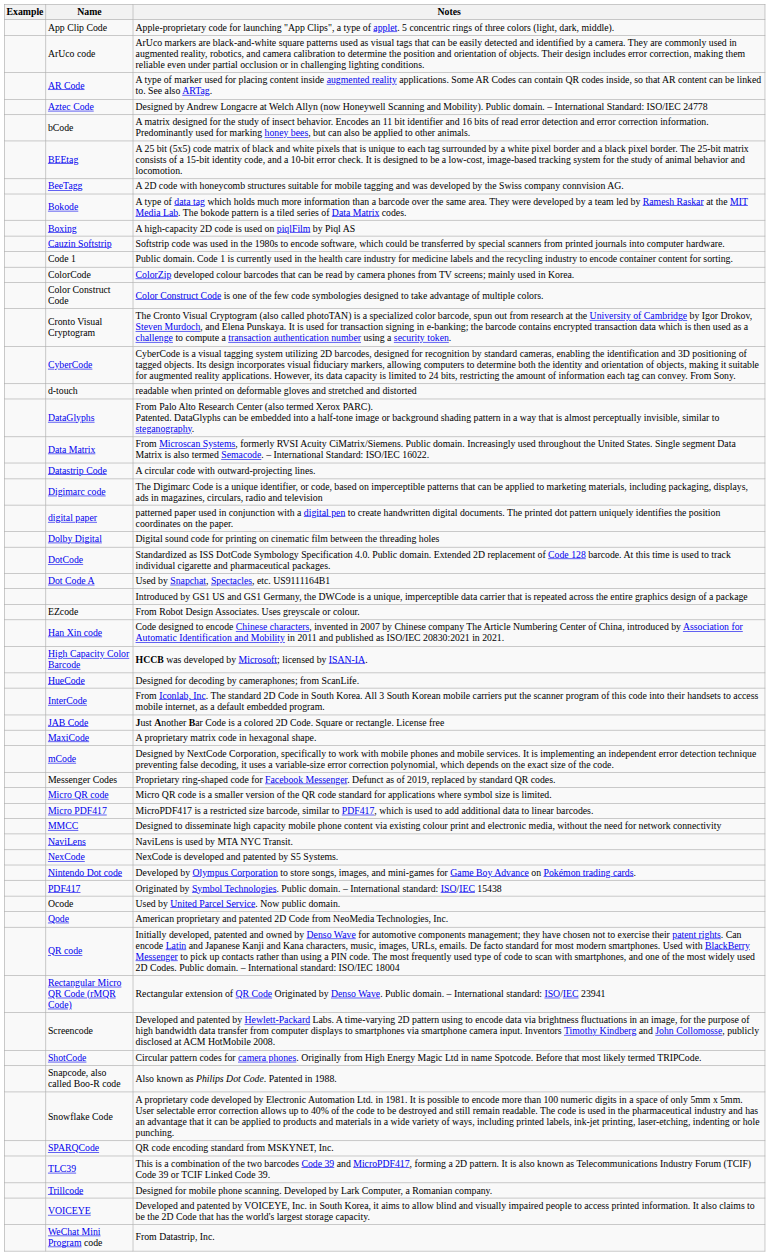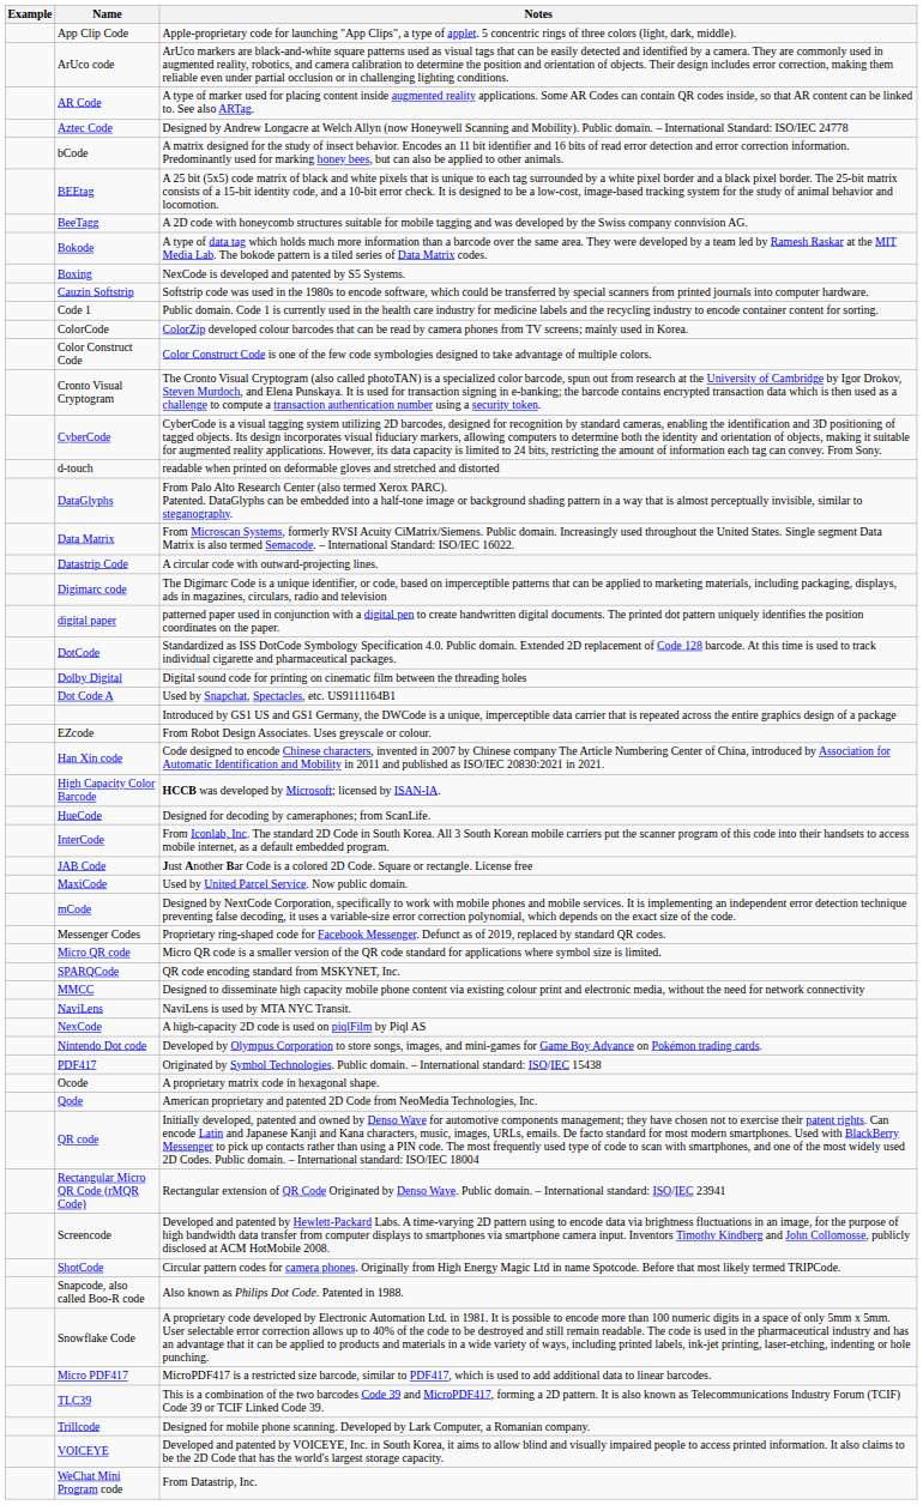 <table class="wikitable">
 <tr>
 <th>Example</th>
 <th>Name</th>
 <th>Notes</th>
 </tr>
 <tr>
 <td></td>
 <td>App Clip Code</td>
 <td>Apple-proprietary code for launching "App Clips", a type of <a href='#'>applet</a>. 5 concentric rings of three colors (light, dark, middle).</td>
 </tr>
 <tr>
 <td></td>
 <td>ArUco code</td>
 <td>ArUco markers are black-and-white square patterns used as visual tags that can be easily detected and identified by a camera. They are commonly used in augmented reality, robotics, and camera calibration to determine the position and orientation of objects. Their design includes error correction, making them reliable even under partial occlusion or in challenging lighting conditions.</td>
 </tr>
 <tr>
 <td></td>
 <td><a href='#'>AR Code</a></td>
 <td>A type of marker used for placing content inside <a href='#'>augmented reality</a> applications. Some AR Codes can contain QR codes inside, so that AR content can be linked to. See also <a href='#'>ARTag</a>.</td>
 </tr>
 <tr>
 <td></td>
 <td><a href='#'>Aztec Code</a></td>
 <td>Designed by Andrew Longacre at Welch Allyn (now Honeywell Scanning and Mobility). Public domain. – International Standard: ISO/IEC 24778</td>
 </tr>
 <tr>
 <td></td>
 <td>bCode</td>
 <td>A matrix designed for the study of insect behavior. Encodes an 11 bit identifier and 16 bits of read error detection and error correction information. Predominantly used for marking <a href='#'>honey bees</a>, but can also be applied to other animals.</td>
 </tr>
 <tr>
 <td></td>
 <td><a href='#'>BEEtag</a></td>
 <td>A 25 bit (5x5) code matrix of black and white pixels that is unique to each tag surrounded by a white pixel border and a black pixel border. The 25-bit matrix consists of a 15-bit identity code, and a 10-bit error check. It is designed to be a low-cost, image-based tracking system for the study of animal behavior and locomotion.</td>
 </tr>
 <tr>
 <td></td>
 <td><a href='#'>BeeTagg</a></td>
 <td>A 2D code with honeycomb structures suitable for mobile tagging and was developed by the Swiss company connvision AG.</td>
 </tr>
 <tr>
 <td></td>
 <td><a href='#'>Bokode</a></td>
 <td>A type of <a href='#'>data tag</a> which holds much more information than a barcode over the same area. They were developed by a team led by <a href='#'>Ramesh Raskar</a> at the <a href='#'>MIT Media Lab</a>. The bokode pattern is a tiled series of <a href='#'>Data Matrix</a> codes.</td>
 </tr>
 <tr>
 <td></td>
 <td><a href='#'>Boxing</a></td>
-<td>A high-capacity 2D code is used on <a href='#'>piqlFilm</a> by Piql AS</td>
+<td>NexCode is developed and patented by S5 Systems.</td>
 </tr>
 <tr>
 <td></td>
 <td><a href='#'>Cauzin Softstrip</a></td>
 <td>Softstrip code was used in the 1980s to encode software, which could be transferred by special scanners from printed journals into computer hardware.</td>
 </tr>
 <tr>
 <td></td>
 <td>Code 1</td>
 <td>Public domain. Code 1 is currently used in the health care industry for medicine labels and the recycling industry to encode container content for sorting.</td>
 </tr>
 <tr>
 <td></td>
 <td>ColorCode</td>
 <td><a href='#'>ColorZip</a> developed colour barcodes that can be read by camera phones from TV screens; mainly used in Korea.</td>
 </tr>
 <tr>
 <td></td>
 <td>Color Construct Code</td>
 <td><a href='#'>Color Construct Code</a> is one of the few code symbologies designed to take advantage of multiple colors.</td>
 </tr>
 <tr>
 <td></td>
 <td>Cronto Visual Cryptogram</td>
 <td>The Cronto Visual Cryptogram (also called photoTAN) is a specialized color barcode, spun out from research at the <a href='#'>University of Cambridge</a> by Igor Drokov, <a href='#'>Steven Murdoch</a>, and Elena Punskaya. It is used for transaction signing in e-banking; the barcode contains encrypted transaction data which is then used as a <a href='#'>challenge</a> to compute a <a href='#'>transaction authentication number</a> using a <a href='#'>security token</a>.</td>
 </tr>
 <tr>
 <td></td>
 <td><a href='#'>CyberCode</a></td>
 <td>CyberCode is a visual tagging system utilizing 2D barcodes, designed for recognition by standard cameras, enabling the identification and 3D positioning of tagged objects. Its design incorporates visual fiduciary markers, allowing computers to determine both the identity and orientation of objects, making it suitable for augmented reality applications. However, its data capacity is limited to 24 bits, restricting the amount of information each tag can convey. From Sony.</td>
 </tr>
 <tr>
 <td></td>
 <td>d-touch</td>
 <td>readable when printed on deformable gloves and stretched and distorted</td>
 </tr>
 <tr>
 <td></td>
 <td><a href='#'>DataGlyphs</a></td>
 <td>From Palo Alto Research Center (also termed Xerox PARC).<br>Patented. DataGlyphs can be embedded into a half-tone image or background shading pattern in a way that is almost perceptually invisible, similar to <a href='#'>steganography</a>.</td>
 </tr>
 <tr>
 <td></td>
 <td><a href='#'>Data Matrix</a></td>
 <td>From <a href='#'>Microscan Systems</a>, formerly RVSI Acuity CiMatrix/Siemens. Public domain. Increasingly used throughout the United States. Single segment Data Matrix is also termed <a href='#'>Semacode</a>. – International Standard: ISO/IEC 16022.</td>
 </tr>
 <tr>
 <td></td>
 <td><a href='#'>Datastrip Code</a></td>
 <td>A circular code with outward-projecting lines.</td>
 </tr>
 <tr>
 <td></td>
 <td><a href='#'>Digimarc code</a></td>
 <td>The Digimarc Code is a unique identifier, or code, based on imperceptible patterns that can be applied to marketing materials, including packaging, displays, ads in magazines, circulars, radio and television</td>
 </tr>
 <tr>
 <td></td>
 <td><a href='#'>digital paper</a></td>
 <td>patterned paper used in conjunction with a <a href='#'>digital pen</a> to create handwritten digital documents. The printed dot pattern uniquely identifies the position coordinates on the paper.</td>
 </tr>
 <tr>
+<td></td>
+<td><a href='#'>DotCode</a></td>
+<td>Standardized as ISS DotCode Symbology Specification 4.0. Public domain. Extended 2D replacement of <a href='#'>Code 128</a> barcode. At this time is used to track individual cigarette and pharmaceutical packages.</td>
+</tr>
+<tr>
 <td><br></td>
 <td><a href='#'>Dolby Digital</a></td>
 <td>Digital sound code for printing on cinematic film between the threading holes</td>
-</tr>
-<tr>
-<td></td>
-<td><a href='#'>DotCode</a></td>
-<td>Standardized as ISS DotCode Symbology Specification 4.0. Public domain. Extended 2D replacement of <a href='#'>Code 128</a> barcode. At this time is used to track individual cigarette and pharmaceutical packages.</td>
 </tr>
 <tr>
 <td></td>
 <td><a href='#'>Dot Code A</a></td>
 <td>Used by <a href='#'>Snapchat</a>, <a href='#'>Spectacles</a>, etc. US9111164B1</td>
 </tr>
 <tr>
 <td></td>
 <td></td>
 <td>Introduced by GS1 US and GS1 Germany, the DWCode is a unique, imperceptible data carrier that is repeated across the entire graphics design of a package</td>
 </tr>
 <tr>
 <td></td>
 <td>EZcode</td>
 <td>From Robot Design Associates. Uses greyscale or colour.</td>
 </tr>
 <tr>
 <td></td>
 <td><a href='#'>Han Xin code</a></td>
 <td>Code designed to encode <a href='#'>Chinese characters</a>, invented in 2007 by Chinese company The Article Numbering Center of China, introduced by <a href='#'>Association for Automatic Identification and Mobility</a> in 2011 and published as ISO/IEC 20830:2021 in 2021.</td>
 </tr>
 <tr>
 <td></td>
 <td><a href='#'>High Capacity Color Barcode</a></td>
 <td><strong>HCCB</strong> was developed by <a href='#'>Microsoft</a>; licensed by <a href='#'>ISAN-IA</a>.</td>
 </tr>
 <tr>
 <td></td>
 <td><a href='#'>HueCode</a></td>
 <td>Designed for decoding by cameraphones; from ScanLife.</td>
 </tr>
 <tr>
 <td></td>
 <td><a href='#'>InterCode</a></td>
 <td>From <a href='#'>Iconlab, Inc</a>. The standard 2D Code in South Korea. All 3 South Korean mobile carriers put the scanner program of this code into their handsets to access mobile internet, as a default embedded program.</td>
 </tr>
 <tr>
 <td><br></td>
 <td><a href='#'>JAB Code</a></td>
 <td><strong>J</strong>ust <strong>A</strong>nother <strong>B</strong>ar Code is a colored 2D Code. Square or rectangle. License free</td>
 </tr>
 <tr>
 <td></td>
 <td><a href='#'>MaxiCode</a></td>
-<td>A proprietary matrix code in hexagonal shape.</td>
+<td>Used by <a href='#'>United Parcel Service</a>. Now public domain.</td>
 </tr>
 <tr>
 <td></td>
 <td><a href='#'>mCode</a></td>
 <td>Designed by NextCode Corporation, specifically to work with mobile phones and mobile services. It is implementing an independent error detection technique preventing false decoding, it uses a variable-size error correction polynomial, which depends on the exact size of the code.</td>
 </tr>
 <tr>
 <td></td>
 <td>Messenger Codes</td>
 <td>Proprietary ring-shaped code for <a href='#'>Facebook Messenger</a>. Defunct as of 2019, replaced by standard QR codes.</td>
 </tr>
 <tr>
 <td></td>
 <td><a href='#'>Micro QR code</a></td>
 <td>Micro QR code is a smaller version of the QR code standard for applications where symbol size is limited.</td>
 </tr>
 <tr>
 <td></td>
-<td><a href='#'>Micro PDF417</a></td>
-<td>MicroPDF417 is a restricted size barcode, similar to <a href='#'>PDF417</a>, which is used to add additional data to linear barcodes.</td>
+<td><a href='#'>SPARQCode</a></td>
+<td>QR code encoding standard from MSKYNET, Inc.</td>
 </tr>
 <tr>
 <td></td>
 <td><a href='#'>MMCC</a></td>
 <td>Designed to disseminate high capacity mobile phone content via existing colour print and electronic media, without the need for network connectivity</td>
 </tr>
 <tr>
 <td></td>
 <td><a href='#'>NaviLens</a></td>
 <td>NaviLens is used by MTA NYC Transit.</td>
 </tr>
 <tr>
 <td></td>
 <td><a href='#'>NexCode</a></td>
-<td>NexCode is developed and patented by S5 Systems.</td>
+<td>A high-capacity 2D code is used on <a href='#'>piqlFilm</a> by Piql AS</td>
 </tr>
 <tr>
 <td></td>
 <td><a href='#'>Nintendo Dot code</a></td>
 <td>Developed by <a href='#'>Olympus Corporation</a> to store songs, images, and mini-games for <a href='#'>Game Boy Advance</a> on <a href='#'>Pokémon trading cards</a>.</td>
 </tr>
 <tr>
 <td></td>
 <td><a href='#'>PDF417</a></td>
 <td>Originated by <a href='#'>Symbol Technologies</a>. Public domain. – International standard: <a href='#'>ISO</a>/<a href='#'>IEC</a> 15438</td>
 </tr>
 <tr>
 <td></td>
 <td>Ocode</td>
-<td>Used by <a href='#'>United Parcel Service</a>. Now public domain.</td>
+<td>A proprietary matrix code in hexagonal shape.</td>
 </tr>
 <tr>
 <td></td>
 <td><a href='#'>Qode</a></td>
 <td>American proprietary and patented 2D Code from NeoMedia Technologies, Inc.</td>
 </tr>
 <tr>
 <td></td>
 <td><a href='#'>QR code</a></td>
 <td>Initially developed, patented and owned by <a href='#'>Denso Wave</a> for automotive components management; they have chosen not to exercise their <a href='#'>patent rights</a>. Can encode <a href='#'>Latin</a> and Japanese Kanji and Kana characters, music, images, URLs, emails. De facto standard for most modern smartphones. Used with <a href='#'>BlackBerry Messenger</a> to pick up contacts rather than using a PIN code. The most frequently used type of code to scan with smartphones, and one of the most widely used 2D Codes. Public domain. – International standard: ISO/IEC 18004</td>
 </tr>
 <tr>
 <td></td>
 <td><a href='#'>Rectangular Micro QR Code (rMQR Code)</a></td>
 <td>Rectangular extension of <a href='#'>QR Code</a> Originated by <a href='#'>Denso Wave</a>. Public domain. – International standard: <a href='#'>ISO</a>/<a href='#'>IEC</a> 23941</td>
 </tr>
 <tr>
 <td></td>
 <td>Screencode</td>
 <td>Developed and patented by <a href='#'>Hewlett-Packard</a> Labs. A time-varying 2D pattern using to encode data via brightness fluctuations in an image, for the purpose of high bandwidth data transfer from computer displays to smartphones via smartphone camera input. Inventors <a href='#'>Timothy Kindberg</a> and <a href='#'>John Collomosse</a>, publicly disclosed at ACM HotMobile 2008.</td>
 </tr>
 <tr>
 <td></td>
 <td><a href='#'>ShotCode</a></td>
 <td>Circular pattern codes for <a href='#'>camera phones</a>. Originally from High Energy Magic Ltd in name Spotcode. Before that most likely termed TRIPCode.</td>
 </tr>
 <tr>
 <td></td>
 <td>Snapcode, also called Boo-R code</td>
 <td>Also known as <em>Philips Dot Code</em>. Patented in 1988.</td>
 </tr>
 <tr>
 <td></td>
 <td>Snowflake Code</td>
 <td>A proprietary code developed by Electronic Automation Ltd. in 1981. It is possible to encode more than 100 numeric digits in a space of only 5mm x 5mm. User selectable error correction allows up to 40% of the code to be destroyed and still remain readable. The code is used in the pharmaceutical industry and has an advantage that it can be applied to products and materials in a wide variety of ways, including printed labels, ink-jet printing, laser-etching, indenting or hole punching.</td>
 </tr>
 <tr>
 <td></td>
-<td><a href='#'>SPARQCode</a></td>
-<td>QR code encoding standard from MSKYNET, Inc.</td>
+<td><a href='#'>Micro PDF417</a></td>
+<td>MicroPDF417 is a restricted size barcode, similar to <a href='#'>PDF417</a>, which is used to add additional data to linear barcodes.</td>
 </tr>
 <tr>
 <td></td>
 <td><a href='#'>TLC39</a></td>
 <td>This is a combination of the two barcodes <a href='#'>Code 39</a> and <a href='#'>MicroPDF417</a>, forming a 2D pattern. It is also known as Telecommunications Industry Forum (TCIF) Code 39 or TCIF Linked Code 39.</td>
 </tr>
 <tr>
 <td></td>
 <td><a href='#'>Trillcode</a></td>
 <td>Designed for mobile phone scanning. Developed by Lark Computer, a Romanian company.</td>
 </tr>
 <tr>
 <td></td>
 <td><a href='#'>VOICEYE</a></td>
 <td>Developed and patented by VOICEYE, Inc. in South Korea, it aims to allow blind and visually impaired people to access printed information. It also claims to be the 2D Code that has the world's largest storage capacity.</td>
 </tr>
 <tr>
 <td></td>
 <td><a href='#'>WeChat Mini Program</a> code</td>
 <td>From Datastrip, Inc.</td>
 </tr>
 </table>
